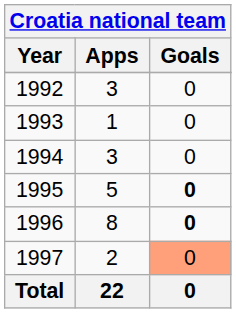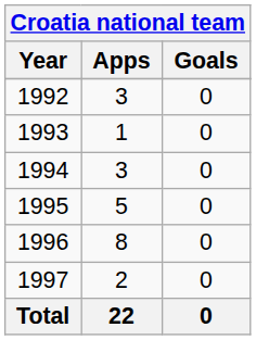 <table class="wikitable" style="text-align:center">
 <tr>
 <th colspan=3><a href='#'>Croatia national team</a></th>
 </tr>
 <tr>
 <th>Year</th>
 <th>Apps</th>
 <th>Goals</th>
 </tr>
 <tr>
 </tr>
 <tr>
 <td>1992</td>
 <td>3</td>
 <td>0</td>
 </tr>
 <tr>
 <td>1993</td>
 <td>1</td>
 <td>0</td>
 </tr>
 <tr>
 <td>1994</td>
 <td>3</td>
 <td>0</td>
 </tr>
 <tr>
 <td>1995</td>
 <td>5</td>
-<td><strong>0</strong></td>
+<td>0</td>
 </tr>
 <tr>
 <td>1996</td>
 <td>8</td>
-<td><strong>0</strong></td>
+<td>0</td>
 </tr>
 <tr>
 <td>1997</td>
 <td>2</td>
-<td style="background: lightsalmon;">0</td>
+<td>0</td>
 </tr>
 <tr>
 <th>Total</th>
 <th>22</th>
 <th>0</th>
 </tr>
 </table>
